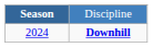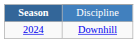 <table class="wikitable"  style="font-size:95%; text-align:center; border:gray solid 1px; width:15%;">
 <tr style="background:#369; color:white;">
 <td rowspan="2" style="width:10%;"><strong>Season</strong></td>
 </tr>
 <tr style="background:#4180be; color:white;">
 <td style="width:10%;">Discipline</td>
 </tr>
 <tr>
 <td><a href='#'>2024</a></td>
-<td><strong><a href='#'>Downhill</a></strong></td>
+<td><a href='#'>Downhill</a></td>
 </tr>
 </table>
